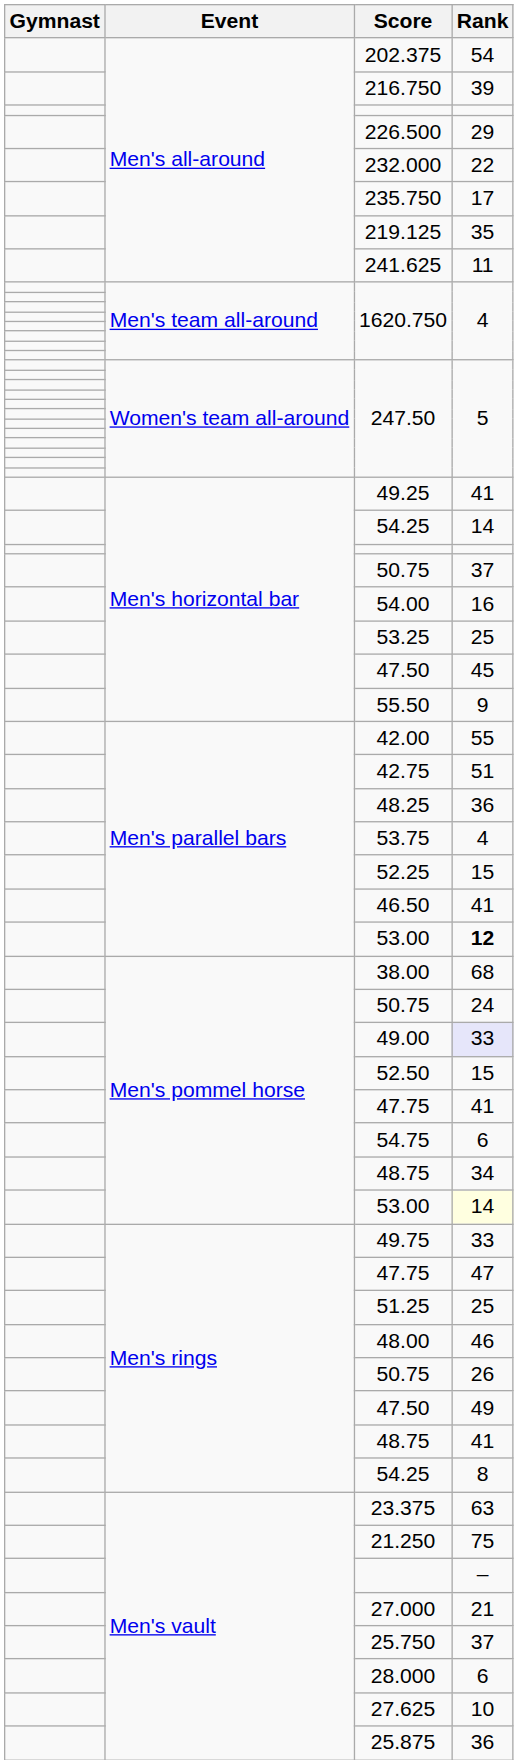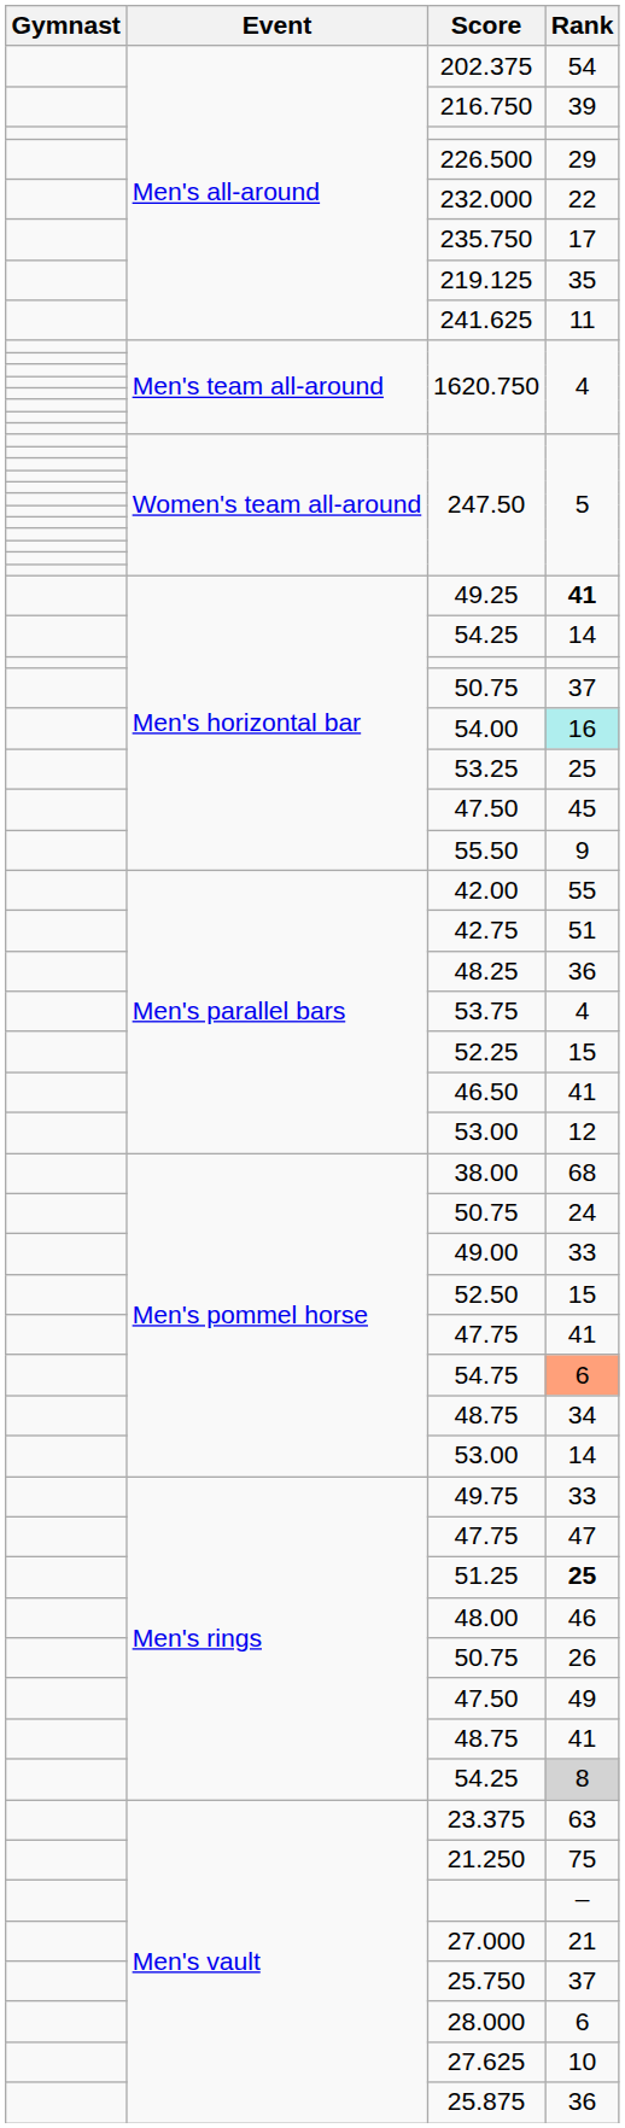 <table class="wikitable sortable" style="text-align:center">
 <tr>
 <th>Gymnast</th>
 <th>Event</th>
 <th>Score</th>
 <th>Rank</th>
 </tr>
 <tr>
 <td align=left></td>
 <td align=left rowspan=8><a href='#'>Men's all-around</a></td>
 <td>202.375</td>
 <td>54</td>
 </tr>
 <tr>
 <td align=left></td>
 <td>216.750</td>
 <td>39</td>
 </tr>
 <tr>
 <td align=left></td>
 <td></td>
 <td></td>
 </tr>
 <tr>
 <td align=left></td>
 <td>226.500</td>
 <td>29</td>
 </tr>
 <tr>
 <td align=left></td>
 <td>232.000</td>
 <td>22</td>
 </tr>
 <tr>
 <td align=left></td>
 <td>235.750</td>
 <td>17</td>
 </tr>
 <tr>
 <td align=left></td>
 <td>219.125</td>
 <td>35</td>
 </tr>
 <tr>
 <td align=left></td>
 <td>241.625</td>
 <td>11</td>
 </tr>
 <tr>
 <td align=left></td>
 <td align=left rowspan=8><a href='#'>Men's team all-around</a></td>
 <td rowspan=8>1620.750</td>
 <td rowspan=8>4</td>
 </tr>
 <tr>
 <td align=left></td>
 </tr>
 <tr>
 <td align=left></td>
 </tr>
 <tr>
 <td align=left></td>
 </tr>
 <tr>
 <td align=left></td>
 </tr>
 <tr>
 <td align=left></td>
 </tr>
 <tr>
 <td align=left></td>
 </tr>
 <tr>
 <td align=left></td>
 </tr>
 <tr>
 <td align=left></td>
 <td align=left rowspan=12><a href='#'>Women's team all-around</a></td>
 <td rowspan=12>247.50</td>
 <td rowspan=12>5</td>
 </tr>
 <tr>
 <td align=left></td>
 </tr>
 <tr>
 <td align=left></td>
 </tr>
 <tr>
 <td align=left></td>
 </tr>
 <tr>
 <td align=left></td>
 </tr>
 <tr>
 <td align=left></td>
 </tr>
 <tr>
 <td align=left></td>
 </tr>
 <tr>
 <td align=left></td>
 </tr>
 <tr>
 <td align=left></td>
 </tr>
 <tr>
 <td align=left></td>
 </tr>
 <tr>
 <td align=left></td>
 </tr>
 <tr>
 <td align=left></td>
 </tr>
 <tr>
 <td align=left></td>
 <td align=left rowspan=8><a href='#'>Men's horizontal bar</a></td>
 <td>49.25</td>
-<td>41</td>
+<td><strong>41</strong></td>
 </tr>
 <tr>
 <td align=left></td>
 <td>54.25</td>
 <td>14</td>
 </tr>
 <tr>
 <td align=left></td>
 <td></td>
 <td></td>
 </tr>
 <tr>
 <td align=left></td>
 <td>50.75</td>
 <td>37</td>
 </tr>
 <tr>
 <td align=left></td>
 <td>54.00</td>
-<td>16</td>
+<td style="background: paleturquoise;">16</td>
 </tr>
 <tr>
 <td align=left></td>
 <td>53.25</td>
 <td>25</td>
 </tr>
 <tr>
 <td align=left></td>
 <td>47.50</td>
 <td>45</td>
 </tr>
 <tr>
 <td align=left></td>
 <td>55.50</td>
 <td>9</td>
 </tr>
 <tr>
 <td align=left></td>
 <td align=left rowspan=7><a href='#'>Men's parallel bars</a></td>
 <td>42.00</td>
 <td>55</td>
 </tr>
 <tr>
 <td align=left></td>
 <td>42.75</td>
 <td>51</td>
 </tr>
 <tr>
 <td align=left></td>
 <td>48.25</td>
 <td>36</td>
 </tr>
 <tr>
 <td align=left></td>
 <td>53.75</td>
 <td>4</td>
 </tr>
 <tr>
 <td align=left></td>
 <td>52.25</td>
 <td>15</td>
 </tr>
 <tr>
 <td align=left></td>
 <td>46.50</td>
 <td>41</td>
 </tr>
 <tr>
 <td align=left></td>
 <td>53.00</td>
-<td><strong>12</strong></td>
+<td>12</td>
 </tr>
 <tr>
 <td align=left></td>
 <td align=left rowspan=8><a href='#'>Men's pommel horse</a></td>
 <td>38.00</td>
 <td>68</td>
 </tr>
 <tr>
 <td align=left></td>
 <td>50.75</td>
 <td>24</td>
 </tr>
 <tr>
 <td align=left></td>
 <td>49.00</td>
-<td style="background: lavender;">33</td>
+<td>33</td>
 </tr>
 <tr>
 <td align=left></td>
 <td>52.50</td>
 <td>15</td>
 </tr>
 <tr>
 <td align=left></td>
 <td>47.75</td>
 <td>41</td>
 </tr>
 <tr>
 <td align=left></td>
 <td>54.75</td>
-<td>6</td>
+<td style="background: lightsalmon;">6</td>
 </tr>
 <tr>
 <td align=left></td>
 <td>48.75</td>
 <td>34</td>
 </tr>
 <tr>
 <td align=left></td>
 <td>53.00</td>
-<td style="background: lightyellow;">14</td>
+<td>14</td>
 </tr>
 <tr>
 <td align=left></td>
 <td align=left rowspan=8><a href='#'>Men's rings</a></td>
 <td>49.75</td>
 <td>33</td>
 </tr>
 <tr>
 <td align=left></td>
 <td>47.75</td>
 <td>47</td>
 </tr>
 <tr>
 <td align=left></td>
 <td>51.25</td>
-<td>25</td>
+<td><strong>25</strong></td>
 </tr>
 <tr>
 <td align=left></td>
 <td>48.00</td>
 <td>46</td>
 </tr>
 <tr>
 <td align=left></td>
 <td>50.75</td>
 <td>26</td>
 </tr>
 <tr>
 <td align=left></td>
 <td>47.50</td>
 <td>49</td>
 </tr>
 <tr>
 <td align=left></td>
 <td>48.75</td>
 <td>41</td>
 </tr>
 <tr>
 <td align=left></td>
 <td>54.25</td>
-<td>8</td>
+<td style="background: lightgrey;">8</td>
 </tr>
 <tr>
 <td align=left></td>
 <td align=left rowspan=8><a href='#'>Men's vault</a></td>
 <td>23.375</td>
 <td>63</td>
 </tr>
 <tr>
 <td align=left></td>
 <td>21.250</td>
 <td>75</td>
 </tr>
 <tr>
 <td align=left></td>
 <td></td>
 <td>–</td>
 </tr>
 <tr>
 <td align=left></td>
 <td>27.000</td>
 <td>21</td>
 </tr>
 <tr>
 <td align=left></td>
 <td>25.750</td>
 <td>37</td>
 </tr>
 <tr>
 <td align=left></td>
 <td>28.000</td>
 <td>6</td>
 </tr>
 <tr>
 <td align=left></td>
 <td>27.625</td>
 <td>10</td>
 </tr>
 <tr>
 <td align=left></td>
 <td>25.875</td>
 <td>36</td>
 </tr>
 </table>
